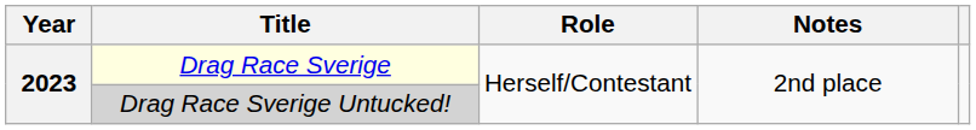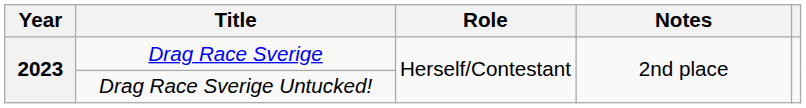 <table class="wikitable plainrowheaders" style="text-align:center;">
 <tr>
 <th scope="col" style="width:03em;">Year</th>
 <th scope="col" style="width:15em;">Title</th>
 <th scope="col" style="width:08em;">Role</th>
 <th scope="col" style="width:10em;">Notes</th>
 <th></th>
 </tr>
 <tr>
 <th scope="row" rowspan="2" style="text-align:center">2023</th>
-<td style="background: lightyellow;"><em><a href='#'>Drag Race Sverige</a></em></td>
+<td><em><a href='#'>Drag Race Sverige</a></em></td>
 <td rowspan="2">Herself/Contestant</td>
 <td rowspan="2">2nd place</td>
 <td rowspan="2"></td>
 </tr>
 <tr>
-<td style="background: lightgrey;"><em>Drag Race Sverige Untucked!</em></td>
+<td><em>Drag Race Sverige Untucked!</em></td>
 </tr>
 </table>
